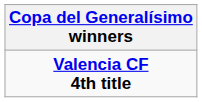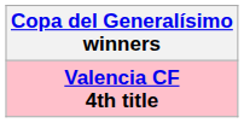 <table class="wikitable" style="text-align: center; margin: 0 auto;">
 <tr>
 <th><a href='#'>Copa del Generalísimo</a><br>winners</th>
 </tr>
 <tr>
-<td><strong><a href='#'>Valencia CF</a></strong><br><strong>4th title</strong></td>
+<td style="background: pink;"><strong><a href='#'>Valencia CF</a></strong><br><strong>4th title</strong></td>
 </tr>
 </table>
